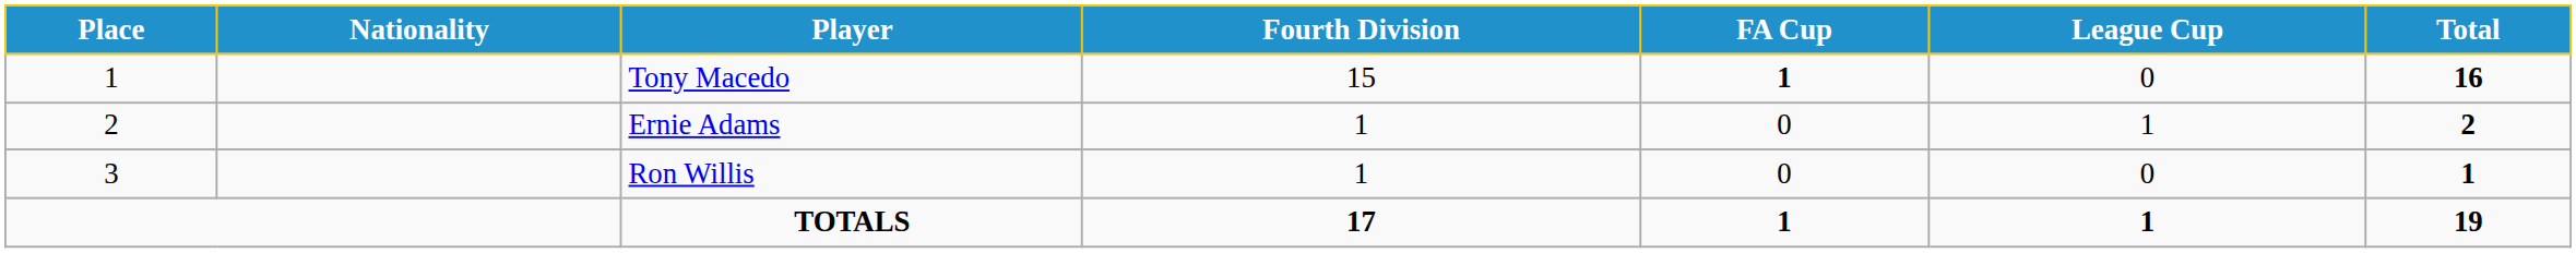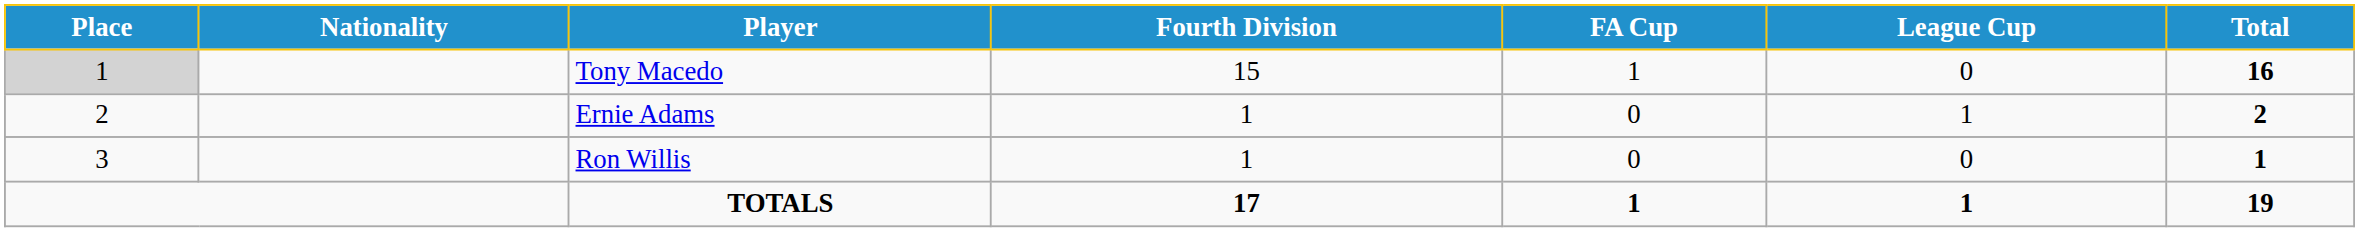 <table class="wikitable" style="text-align:center; font-size:90%; width:100%;">
 <tr>
 <th style="background:#2191CC; color:white; border:1px solid #F7C408; text-align:center;">Place</th>
 <th style="background:#2191CC; color:white; border:1px solid #F7C408; text-align:center;">Nationality</th>
 <th style="background:#2191CC; color:white; border:1px solid #F7C408; text-align:center;">Player</th>
 <th style="background:#2191CC; color:white; border:1px solid #F7C408; text-align:center;">Fourth Division</th>
 <th style="background:#2191CC; color:white; border:1px solid #F7C408; text-align:center;">FA Cup</th>
 <th style="background:#2191CC; color:white; border:1px solid #F7C408; text-align:center;">League Cup</th>
 <th style="background:#2191CC; color:white; border:1px solid #F7C408; text-align:center;">Total</th>
 </tr>
 <tr>
-<td>1</td>
+<td style="background: lightgrey;">1</td>
 <td></td>
 <td align="left"><a href='#'>Tony Macedo</a></td>
 <td>15</td>
-<td><strong>1</strong></td>
+<td>1</td>
 <td>0</td>
 <td><strong>16</strong></td>
 </tr>
 <tr>
 <td>2</td>
 <td></td>
 <td align="left"><a href='#'>Ernie Adams</a></td>
 <td>1</td>
 <td>0</td>
 <td>1</td>
 <td><strong>2</strong></td>
 </tr>
 <tr>
 <td>3</td>
 <td></td>
 <td align="left"><a href='#'>Ron Willis</a></td>
 <td>1</td>
 <td>0</td>
 <td>0</td>
 <td><strong>1</strong></td>
 </tr>
 <tr>
 <td colspan="2"></td>
 <td><strong>TOTALS</strong></td>
 <td><strong>17</strong></td>
 <td><strong>1</strong></td>
 <td><strong>1</strong></td>
 <td><strong>19</strong></td>
 </tr>
 </table>
